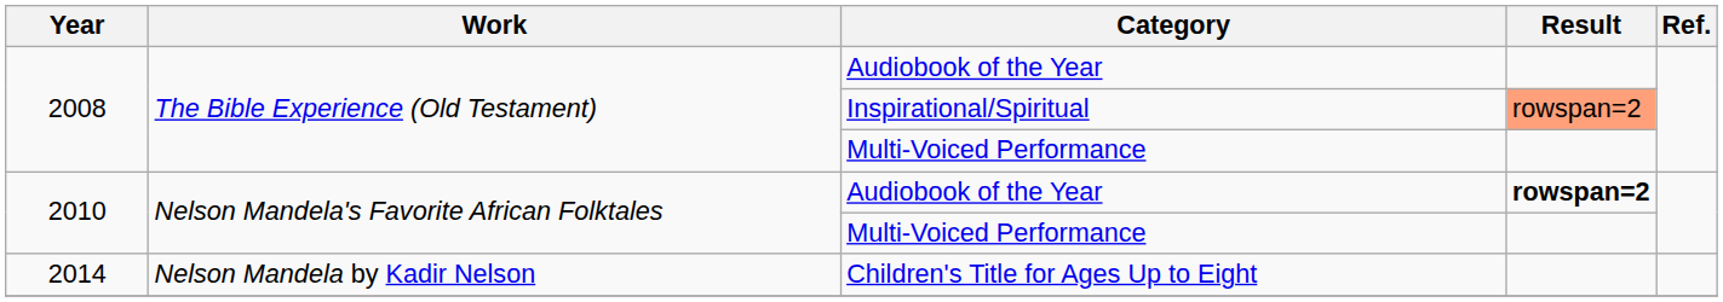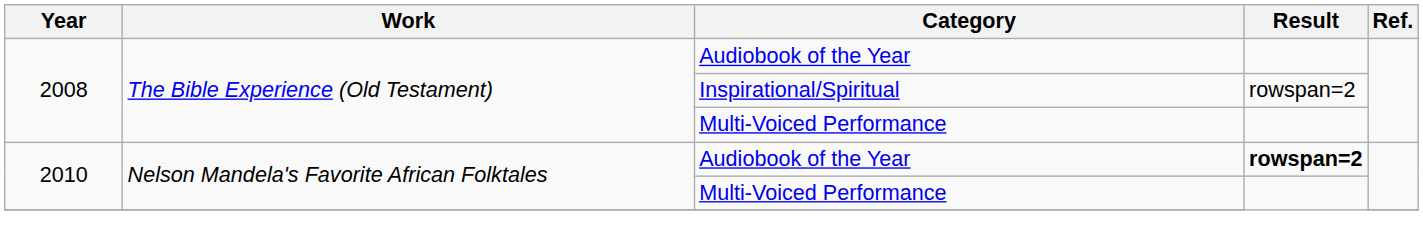 <table class=wikitable>
 <tr>
 <th scope="col" style="width:5em;">Year</th>
 <th scope="col" style="width:26em;">Work</th>
 <th scope="col" style="width:25em;">Category</th>
 <th scope="col" style="width:5em;">Result</th>
 <th>Ref.</th>
 </tr>
 <tr>
 <td style="text-align:center;"rowspan=3>2008</td>
 <td rowspan=3><em><a href='#'>The Bible Experience</a> (Old Testament)</em></td>
 <td><a href='#'>Audiobook of the Year</a></td>
 <td></td>
 <td rowspan=3></td>
 </tr>
 <tr>
 <td><a href='#'>Inspirational/Spiritual</a></td>
-<td style="background: lightsalmon;">rowspan=2 </td>
+<td>rowspan=2 </td>
 </tr>
 <tr>
 <td><a href='#'>Multi-Voiced Performance</a></td>
 </tr>
 <tr>
 <td style="text-align:center;"rowspan=2>2010</td>
 <td rowspan=2><em>Nelson Mandela's Favorite African Folktales</em></td>
 <td><a href='#'>Audiobook of the Year</a></td>
 <td><strong>rowspan=2 </strong></td>
 <td rowspan=2></td>
 </tr>
 <tr>
 <td><a href='#'>Multi-Voiced Performance</a></td>
 </tr>
 <tr>
-<td style="text-align:center;">2014</td>
-<td><em>Nelson Mandela</em> by <a href='#'>Kadir Nelson</a></td>
-<td><a href='#'>Children's Title for Ages Up to Eight</a></td>
-<td></td>
-<td></td>
-</tr>
-<tr>
 </tr>
 </table>
